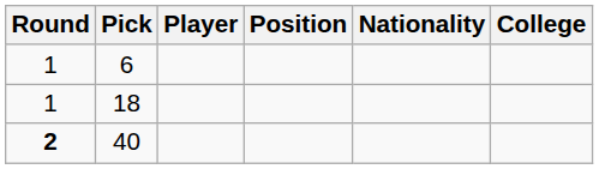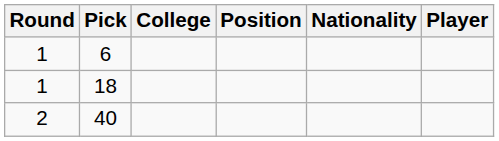 <table class="wikitable sortable sortable"ier>
 <tr>
 <th>Round</th>
 <th>Pick</th>
-<th>Player</th>
+<th>College</th>
 <th>Position</th>
 <th>Nationality</th>
-<th>College</th>
+<th>Player</th>
 </tr>
 <tr style="text-align: center">
 <td>1</td>
 <td>6</td>
 <td></td>
 <td></td>
 <td></td>
 <td></td>
 </tr>
 <tr style="text-align: center">
 <td>1</td>
 <td>18</td>
 <td></td>
 <td></td>
 <td></td>
 <td></td>
 </tr>
 <tr style="text-align: center">
-<td><strong>2</strong></td>
+<td>2</td>
 <td>40</td>
 <td></td>
 <td></td>
 <td></td>
 <td></td>
 </tr>
 </table>
